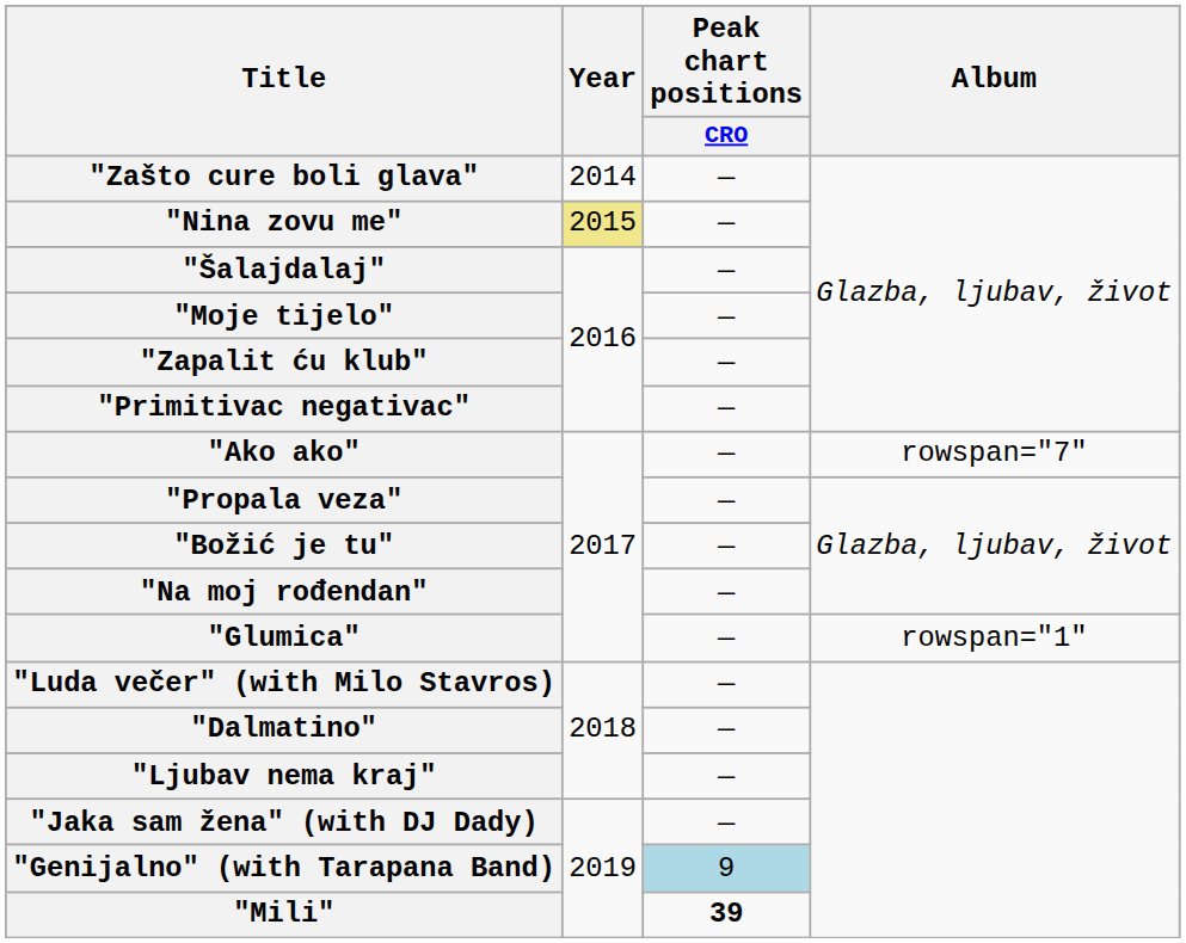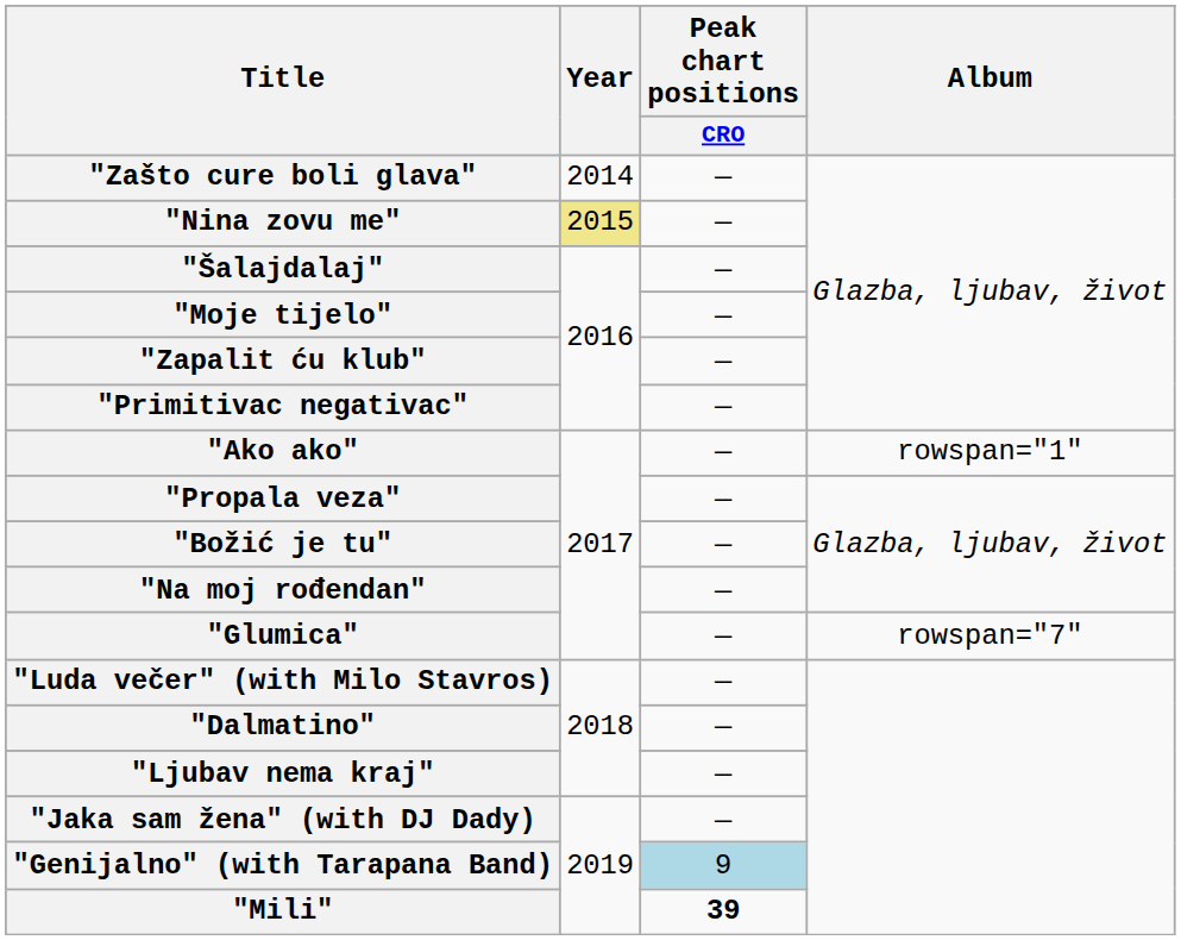 <table class="wikitable plainrowheaders" style="text-align:center;">
 <tr>
 <th scope="col" rowspan="2">Title</th>
 <th scope="col" rowspan="2">Year</th>
 <th scope="col" colspan="1">Peak chart positions</th>
 <th scope="col" rowspan="2">Album</th>
 </tr>
 <tr>
 <th scope="col" style="width:3em; font-size:85%;"><a href='#'>CRO</a><br></th>
 </tr>
 <tr>
 <th scope="row">"Zašto cure boli glava"</th>
 <td rowspan="1">2014</td>
 <td>—</td>
 <td rowspan="6"><em>Glazba, ljubav, život</em></td>
 </tr>
 <tr>
 <th scope="row">"Nina zovu me"</th>
 <td rowspan="1" style="background: khaki;">2015</td>
 <td>—</td>
 </tr>
 <tr>
 <th scope="row">"Šalajdalaj"</th>
 <td rowspan="4">2016</td>
 <td>—</td>
 </tr>
 <tr>
 <th scope="row">"Moje tijelo"</th>
 <td>—</td>
 </tr>
 <tr>
 <th scope="row">"Zapalit ću klub"</th>
 <td>—</td>
 </tr>
 <tr>
 <th scope="row">"Primitivac negativac"</th>
 <td>—</td>
 </tr>
 <tr>
 <th scope="row">"Ako ako"</th>
 <td rowspan="5">2017</td>
 <td>—</td>
-<td>rowspan="7" </td>
+<td>rowspan="1" </td>
 </tr>
 <tr>
 <th scope="row">"Propala veza"</th>
 <td>—</td>
 <td rowspan="3"><em>Glazba, ljubav, život</em></td>
 </tr>
 <tr>
 <th scope="row">"Božić je tu"</th>
 <td>—</td>
 </tr>
 <tr>
 <th scope="row">"Na moj rođendan"</th>
 <td>—</td>
 </tr>
 <tr>
 <th scope="row">"Glumica"</th>
 <td>—</td>
-<td>rowspan="1" </td>
+<td>rowspan="7" </td>
 </tr>
 <tr>
 <th scope="row">"Luda večer" <span>(with Milo Stavros)</span></th>
 <td rowspan="3">2018</td>
 <td>—</td>
 </tr>
 <tr>
 <th scope="row">"Dalmatino"</th>
 <td>—</td>
 </tr>
 <tr>
 <th scope="row">"Ljubav nema kraj"</th>
 <td>—</td>
 </tr>
 <tr>
 <th scope="row">"Jaka sam žena" <span>(with DJ Dady)</span></th>
 <td rowspan="3">2019</td>
 <td>—</td>
 </tr>
 <tr>
 <th scope="row">"Genijalno" <span>(with Tarapana Band)</span></th>
 <td style="background: lightblue;">9</td>
 </tr>
 <tr>
 <th scope="row">"Mili"</th>
 <td><strong>39</strong></td>
 </tr>
 <tr>
 </tr>
 </table>
